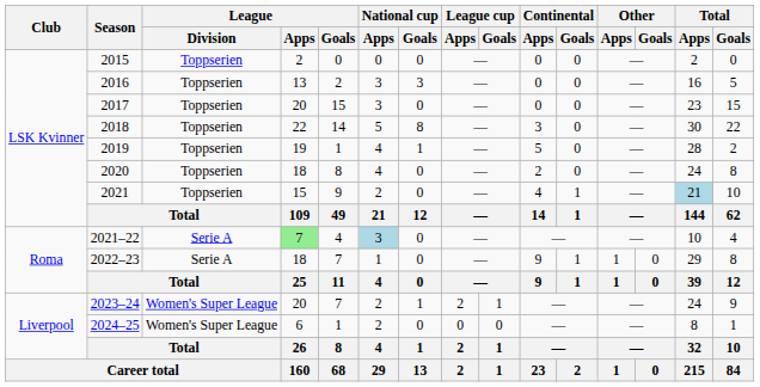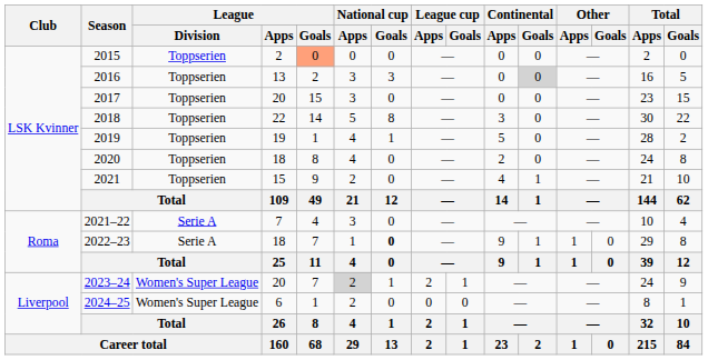 <table class="wikitable" style="text-align:center">
 <tr>
 <th rowspan="2">Club</th>
 <th rowspan="2">Season</th>
 <th colspan="3">League</th>
 <th colspan="2">National cup</th>
 <th colspan="2">League cup</th>
 <th colspan="2">Continental</th>
 <th colspan="2">Other</th>
 <th colspan="2">Total</th>
 </tr>
 <tr>
 <th>Division</th>
 <th>Apps</th>
 <th>Goals</th>
 <th>Apps</th>
 <th>Goals</th>
 <th>Apps</th>
 <th>Goals</th>
 <th>Apps</th>
 <th>Goals</th>
 <th>Apps</th>
 <th>Goals</th>
 <th>Apps</th>
 <th>Goals</th>
 </tr>
 <tr>
 <td rowspan="8"><a href='#'>LSK Kvinner</a></td>
 <td>2015</td>
 <td><a href='#'>Toppserien</a></td>
 <td>2</td>
-<td>0</td>
+<td style="background: lightsalmon;">0</td>
 <td>0</td>
 <td>0</td>
 <td colspan="2">—</td>
 <td>0</td>
 <td>0</td>
 <td colspan="2">—</td>
 <td>2</td>
 <td>0</td>
 </tr>
 <tr>
 <td>2016</td>
 <td>Toppserien</td>
 <td>13</td>
 <td>2</td>
 <td>3</td>
 <td>3</td>
 <td colspan="2">—</td>
 <td>0</td>
-<td>0</td>
+<td style="background: lightgrey;">0</td>
 <td colspan="2">—</td>
 <td>16</td>
 <td>5</td>
 </tr>
 <tr>
 <td>2017</td>
 <td>Toppserien</td>
 <td>20</td>
 <td>15</td>
 <td>3</td>
 <td>0</td>
 <td colspan="2">—</td>
 <td>0</td>
 <td>0</td>
 <td colspan="2">—</td>
 <td>23</td>
 <td>15</td>
 </tr>
 <tr>
 <td>2018</td>
 <td>Toppserien</td>
 <td>22</td>
 <td>14</td>
 <td>5</td>
 <td>8</td>
 <td colspan="2">—</td>
 <td>3</td>
 <td>0</td>
 <td colspan="2">—</td>
 <td>30</td>
 <td>22</td>
 </tr>
 <tr>
 <td>2019</td>
 <td>Toppserien</td>
 <td>19</td>
 <td>1</td>
 <td>4</td>
 <td>1</td>
 <td colspan="2">—</td>
 <td>5</td>
 <td>0</td>
 <td colspan="2">—</td>
 <td>28</td>
 <td>2</td>
 </tr>
 <tr>
 <td>2020</td>
 <td>Toppserien</td>
 <td>18</td>
 <td>8</td>
 <td>4</td>
 <td>0</td>
 <td colspan="2">—</td>
 <td>2</td>
 <td>0</td>
 <td colspan="2">—</td>
 <td>24</td>
 <td>8</td>
 </tr>
 <tr>
 <td>2021</td>
 <td>Toppserien</td>
 <td>15</td>
 <td>9</td>
 <td>2</td>
 <td>0</td>
 <td colspan="2">—</td>
 <td>4</td>
 <td>1</td>
 <td colspan="2">—</td>
-<td style="background: lightblue;">21</td>
+<td>21</td>
 <td>10</td>
 </tr>
 <tr>
 <th colspan="2">Total</th>
 <th>109</th>
 <th>49</th>
 <th>21</th>
 <th>12</th>
 <th colspan="2">—</th>
 <th>14</th>
 <th>1</th>
 <th colspan="2">—</th>
 <th>144</th>
 <th>62</th>
 </tr>
 <tr>
 <td rowspan="3"><a href='#'>Roma</a></td>
 <td>2021–22</td>
 <td><a href='#'>Serie A</a></td>
-<td style="background: lightgreen;">7</td>
+<td>7</td>
 <td>4</td>
-<td style="background: lightblue;">3</td>
+<td>3</td>
 <td>0</td>
 <td colspan="2">—</td>
 <td colspan="2">—</td>
 <td colspan="2">—</td>
 <td>10</td>
 <td>4</td>
 </tr>
 <tr>
 <td>2022–23</td>
 <td>Serie A</td>
 <td>18</td>
 <td>7</td>
 <td>1</td>
-<td>0</td>
+<td><strong>0</strong></td>
 <td colspan="2">—</td>
 <td>9</td>
 <td>1</td>
 <td>1</td>
 <td>0</td>
 <td>29</td>
 <td>8</td>
 </tr>
 <tr>
 <th colspan="2">Total</th>
 <th>25</th>
 <th>11</th>
 <th>4</th>
 <th>0</th>
 <th colspan="2">—</th>
 <th>9</th>
 <th>1</th>
 <th>1</th>
 <th>0</th>
 <th>39</th>
 <th>12</th>
 </tr>
 <tr>
 <td rowspan="3"><a href='#'>Liverpool</a></td>
 <td><a href='#'>2023–24</a></td>
 <td><a href='#'>Women's Super League</a></td>
 <td>20</td>
 <td>7</td>
-<td>2</td>
+<td style="background: lightgrey;">2</td>
 <td>1</td>
 <td>2</td>
 <td>1</td>
 <td colspan="2">—</td>
 <td colspan="2">—</td>
 <td>24</td>
 <td>9</td>
 </tr>
 <tr>
 <td><a href='#'>2024–25</a></td>
 <td>Women's Super League</td>
 <td>6</td>
 <td>1</td>
 <td>2</td>
 <td>0</td>
 <td>0</td>
 <td>0</td>
 <td colspan="2">—</td>
 <td colspan="2">—</td>
 <td>8</td>
 <td>1</td>
 </tr>
 <tr>
 <th colspan="2">Total</th>
 <th>26</th>
 <th>8</th>
 <th>4</th>
 <th>1</th>
 <th>2</th>
 <th>1</th>
 <th colspan="2">—</th>
 <th colspan="2">—</th>
 <th>32</th>
 <th>10</th>
 </tr>
 <tr>
 <th colspan="3">Career total</th>
 <th>160</th>
 <th>68</th>
 <th>29</th>
 <th>13</th>
 <th>2</th>
 <th>1</th>
 <th>23</th>
 <th>2</th>
 <th>1</th>
 <th>0</th>
 <th>215</th>
 <th>84</th>
 </tr>
 </table>
